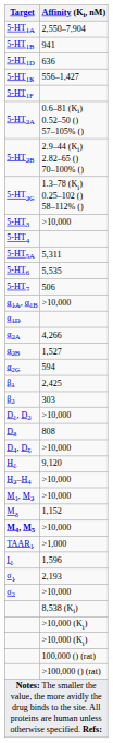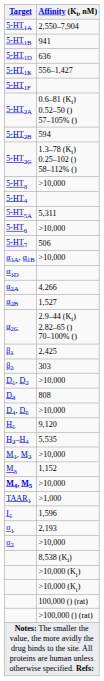 <table class="wikitable floatleft" style="font-size:small;">
 <tr>
 <th><a href='#'>Target</a></th>
 <th><a href='#'>Affinity</a> (K<sub>i</sub>, nM)</th>
 </tr>
 <tr>
 <td><a href='#'>5-HT<sub>1A</sub></a></td>
 <td>2,550–7,904</td>
 </tr>
 <tr>
 <td><a href='#'>5-HT<sub>1B</sub></a></td>
 <td>941</td>
 </tr>
 <tr>
 <td><a href='#'>5-HT<sub>1D</sub></a></td>
 <td>636</td>
 </tr>
 <tr>
 <td><a href='#'>5-HT<sub>1E</sub></a></td>
 <td>556–1,427</td>
 </tr>
 <tr>
 <td><a href='#'>5-HT<sub>1F</sub></a></td>
 <td></td>
 </tr>
 <tr>
 <td><a href='#'>5-HT<sub>2A</sub></a></td>
 <td>0.6–81 (K<sub>i</sub>)<br>0.52–50 ()<br>57–105% ()</td>
 </tr>
 <tr>
 <td><a href='#'>5-HT<sub>2B</sub></a></td>
-<td>2.9–44 (K<sub>i</sub>)<br>2.82–65 ()<br>70–100% ()</td>
+<td>594</td>
 </tr>
 <tr>
 <td><a href='#'>5-HT<sub>2C</sub></a></td>
 <td>1.3–78 (K<sub>i</sub>)<br>0.25–102 ()<br>58–112% ()</td>
 </tr>
 <tr>
 <td><a href='#'>5-HT<sub>3</sub></a></td>
 <td>>10,000</td>
 </tr>
 <tr>
 <td><a href='#'>5-HT<sub>4</sub></a></td>
 <td></td>
 </tr>
 <tr>
 <td><a href='#'>5-HT<sub>5A</sub></a></td>
 <td>5,311</td>
 </tr>
 <tr>
 <td><a href='#'>5-HT<sub>6</sub></a></td>
-<td>5,535</td>
+<td>>10,000</td>
 </tr>
 <tr>
 <td><a href='#'>5-HT<sub>7</sub></a></td>
 <td>506</td>
 </tr>
 <tr>
 <td><a href='#'>α<sub>1A</sub></a>, <a href='#'>α<sub>1B</sub></a></td>
 <td>>10,000</td>
 </tr>
 <tr>
 <td><a href='#'>α<sub>1D</sub></a></td>
 <td></td>
 </tr>
 <tr>
 <td><a href='#'>α<sub>2A</sub></a></td>
 <td>4,266</td>
 </tr>
 <tr>
 <td><a href='#'>α<sub>2B</sub></a></td>
 <td>1,527</td>
 </tr>
 <tr>
 <td><a href='#'>α<sub>2C</sub></a></td>
-<td>594</td>
+<td>2.9–44 (K<sub>i</sub>)<br>2.82–65 ()<br>70–100% ()</td>
 </tr>
 <tr>
 <td><a href='#'>β<sub>1</sub></a></td>
 <td>2,425</td>
 </tr>
 <tr>
 <td><a href='#'>β<sub>2</sub></a></td>
 <td>303</td>
 </tr>
 <tr>
 <td><a href='#'>D<sub>1</sub></a>, <a href='#'>D<sub>2</sub></a></td>
 <td>>10,000</td>
 </tr>
 <tr>
 <td><a href='#'>D<sub>3</sub></a></td>
 <td>808</td>
 </tr>
 <tr>
 <td><a href='#'>D<sub>4</sub></a>, <a href='#'>D<sub>5</sub></a></td>
 <td>>10,000</td>
 </tr>
 <tr>
 <td><a href='#'>H<sub>1</sub></a></td>
 <td>9,120</td>
 </tr>
 <tr>
 <td><a href='#'>H<sub>2</sub></a>–<a href='#'>H<sub>4</sub></a></td>
-<td>>10,000</td>
+<td>5,535</td>
 </tr>
 <tr>
 <td><a href='#'>M<sub>1</sub></a>, <a href='#'>M<sub>2</sub></a></td>
 <td>>10,000</td>
 </tr>
 <tr>
 <td><a href='#'>M<sub>3</sub></a></td>
 <td>1,152</td>
 </tr>
 <tr>
 <td><strong><a href='#'>M<sub>4</sub></a>, <a href='#'>M<sub>5</sub></a></strong></td>
 <td>>10,000</td>
 </tr>
 <tr>
 <td><a href='#'>TAAR<sub>1</sub></a></td>
 <td>>1,000</td>
 </tr>
 <tr>
 <td><a href='#'>I<sub>1</sub></a></td>
 <td>1,596</td>
 </tr>
 <tr>
 <td><a href='#'>σ<sub>1</sub></a></td>
 <td>2,193</td>
 </tr>
 <tr>
 <td><a href='#'>σ<sub>2</sub></a></td>
 <td>>10,000</td>
 </tr>
 <tr>
 <td></td>
 <td>8,538 (K<sub>i</sub>)</td>
 </tr>
 <tr>
 <td></td>
 <td>>10,000 (K<sub>i</sub>)</td>
 </tr>
 <tr>
 <td></td>
 <td>>10,000 (K<sub>i</sub>)</td>
 </tr>
 <tr>
 <td></td>
 <td>100,000 () (rat)</td>
 </tr>
 <tr>
 <td></td>
 <td>>100,000 () (rat)</td>
 </tr>
 <tr class="sortbottom">
 <td colspan="2" style="width: 1px; background-color:#eaecf0; text-align: center;"><strong>Notes:</strong> The smaller the value, the more avidly the drug binds to the site. All proteins are human unless otherwise specified. <strong>Refs:</strong> </td>
 </tr>
 </table>
